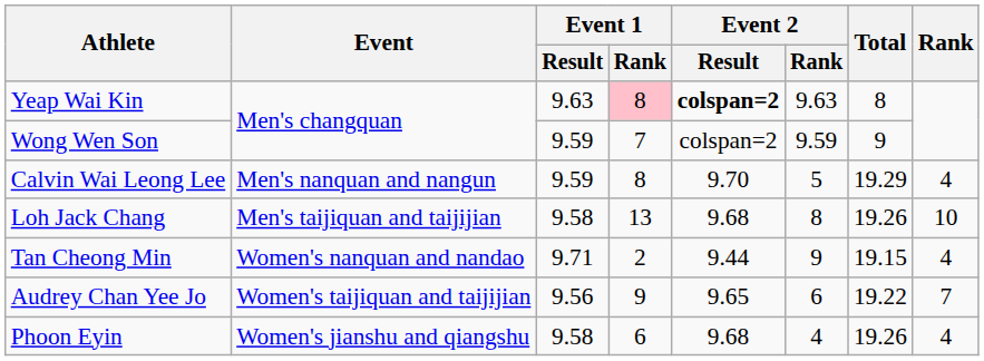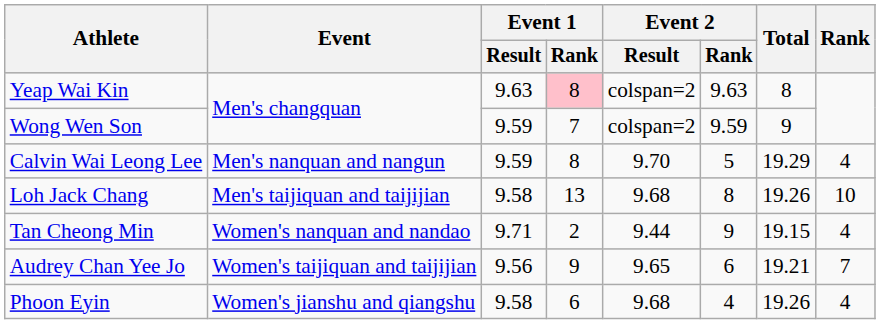 <table class=wikitable style="font-size:90%; text-align:center">
 <tr>
 <th rowspan="2">Athlete</th>
 <th rowspan="2">Event</th>
 <th colspan="2">Event 1</th>
 <th colspan="2">Event 2</th>
 <th rowspan="2">Total</th>
 <th rowspan="2">Rank</th>
 </tr>
 <tr style="font-size:95%">
 <th>Result</th>
 <th>Rank</th>
 <th>Result</th>
 <th>Rank</th>
 </tr>
 <tr>
 <td align=left><a href='#'>Yeap Wai Kin</a></td>
 <td align=left rowspan="2"><a href='#'>Men's changquan</a></td>
 <td>9.63</td>
 <td style="background: pink;">8</td>
-<td><strong>colspan=2 </strong></td>
+<td>colspan=2 </td>
 <td>9.63</td>
 <td>8</td>
 </tr>
 <tr>
 <td align=left><a href='#'>Wong Wen Son</a></td>
 <td>9.59</td>
 <td>7</td>
 <td>colspan=2 </td>
 <td>9.59</td>
 <td>9</td>
 </tr>
 <tr>
 <td align=left><a href='#'>Calvin Wai Leong Lee</a></td>
 <td align=left><a href='#'>Men's nanquan and nangun</a></td>
 <td>9.59</td>
 <td>8</td>
 <td>9.70</td>
 <td>5</td>
 <td>19.29</td>
 <td>4</td>
 </tr>
 <tr>
 <td align=left><a href='#'>Loh Jack Chang</a></td>
 <td align=left><a href='#'>Men's taijiquan and taijijian</a></td>
 <td>9.58</td>
 <td>13</td>
 <td>9.68</td>
 <td>8</td>
 <td>19.26</td>
 <td>10</td>
 </tr>
 <tr>
 <td align=left><a href='#'>Tan Cheong Min</a></td>
 <td align=left><a href='#'>Women's nanquan and nandao</a></td>
 <td>9.71</td>
 <td>2</td>
 <td>9.44</td>
 <td>9</td>
 <td>19.15</td>
 <td>4</td>
 </tr>
 <tr>
 <td align=left><a href='#'>Audrey Chan Yee Jo</a></td>
 <td align=left><a href='#'>Women's taijiquan and taijijian</a></td>
 <td>9.56</td>
 <td>9</td>
 <td>9.65</td>
 <td>6</td>
-<td>19.22</td>
+<td>19.21</td>
 <td>7</td>
 </tr>
 <tr>
 <td align=left><a href='#'>Phoon Eyin</a></td>
 <td align=left><a href='#'>Women's jianshu and qiangshu</a></td>
 <td>9.58</td>
 <td>6</td>
 <td>9.68</td>
 <td>4</td>
 <td>19.26</td>
 <td>4</td>
 </tr>
 </table>
